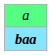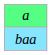 <table class="wikitable" style="font-style:italic;text-align:center;">
 <tr>
 <td bgcolor="#55FF83" width="40">a</td>
 </tr>
 <tr>
-<td bgcolor="#87E6FF" width="40"><strong>baa</strong></td>
+<td bgcolor="#87E6FF" width="40">baa</td>
 </tr>
 </table>
